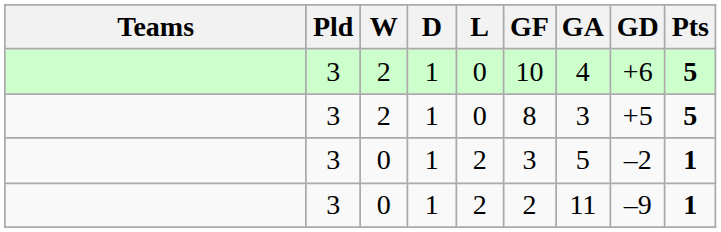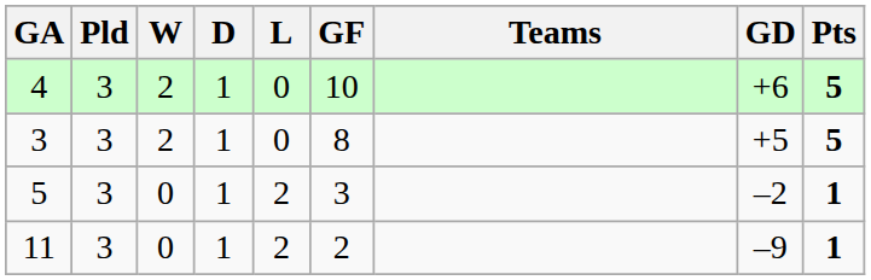 <table class="wikitable" style="text-align: center;">
 <tr>
-<th width=165>Teams</th>
+<th width=20>GA</th>
 <th width=20>Pld</th>
 <th width=20>W</th>
 <th width=20>D</th>
 <th width=20>L</th>
 <th width=20>GF</th>
-<th width=20>GA</th>
+<th width=165>Teams</th>
 <th width=20>GD</th>
 <th width=20>Pts</th>
 </tr>
 <tr align=center style="background:#ccffcc;">
-<td style="text-align:left;"></td>
+<td>4</td>
 <td>3</td>
 <td>2</td>
 <td>1</td>
 <td>0</td>
 <td>10</td>
-<td>4</td>
+<td style="text-align:left;"></td>
 <td>+6</td>
 <td><strong>5</strong></td>
 </tr>
 <tr align=center>
-<td style="text-align:left;"></td>
+<td>3</td>
 <td>3</td>
 <td>2</td>
 <td>1</td>
 <td>0</td>
 <td>8</td>
-<td>3</td>
+<td style="text-align:left;"></td>
 <td>+5</td>
 <td><strong>5</strong></td>
 </tr>
 <tr align=center>
-<td style="text-align:left;"></td>
+<td>5</td>
 <td>3</td>
 <td>0</td>
 <td>1</td>
 <td>2</td>
 <td>3</td>
-<td>5</td>
+<td style="text-align:left;"></td>
 <td>–2</td>
 <td><strong>1</strong></td>
 </tr>
 <tr align=center>
-<td style="text-align:left;"></td>
+<td>11</td>
 <td>3</td>
 <td>0</td>
 <td>1</td>
 <td>2</td>
 <td>2</td>
-<td>11</td>
+<td style="text-align:left;"></td>
 <td>–9</td>
 <td><strong>1</strong></td>
 </tr>
 </table>
